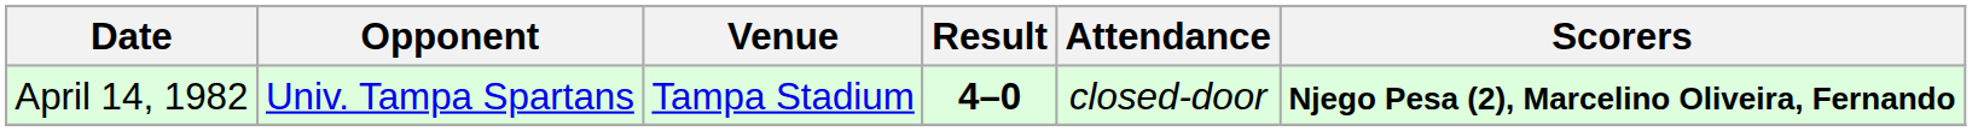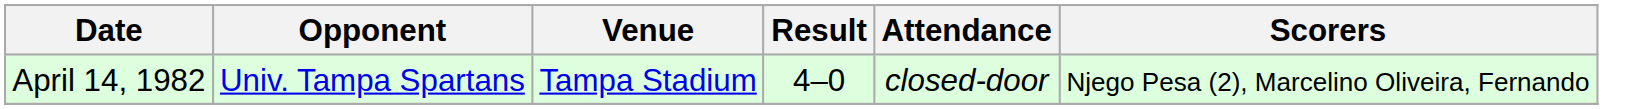 <table class="wikitable" style="font-size:95%; text-align:center">
 <tr>
 <th>Date</th>
 <th>Opponent</th>
 <th>Venue</th>
 <th>Result</th>
 <th>Attendance</th>
 <th>Scorers</th>
 </tr>
 <tr bgcolor="ddffdd">
 <td>April 14, 1982</td>
 <td><a href='#'>Univ. Tampa Spartans</a></td>
 <td><a href='#'>Tampa Stadium</a></td>
-<td><strong>4–0</strong></td>
+<td>4–0</td>
 <td><em>closed-door</em></td>
-<td><strong><small>Njego Pesa (2), Marcelino Oliveira, Fernando</small></strong></td>
+<td><small>Njego Pesa (2), Marcelino Oliveira, Fernando</small></td>
 </tr>
 <tr>
 </tr>
 </table>
